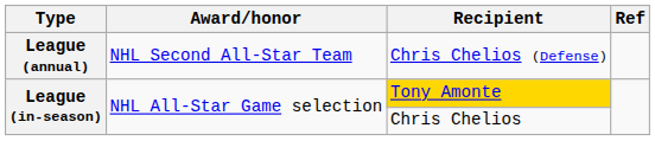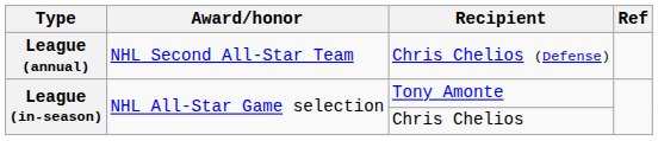 <table class="wikitable">
 <tr>
 <th scope="col">Type</th>
 <th scope="col">Award/honor</th>
 <th scope="col">Recipient</th>
 <th scope="col">Ref</th>
 </tr>
 <tr>
 <th scope="row">League<br><small>(annual)</small></th>
 <td><a href='#'>NHL Second All-Star Team</a></td>
 <td><a href='#'>Chris Chelios</a> <small>(<a href='#'>Defense</a>)</small></td>
 <td></td>
 </tr>
 <tr>
 <th scope="row" rowspan="2">League<br><small>(in-season)</small></th>
 <td rowspan="2"><a href='#'>NHL All-Star Game</a> selection</td>
-<td style="background: gold;"><a href='#'>Tony Amonte</a></td>
+<td><a href='#'>Tony Amonte</a></td>
 <td rowspan="2"></td>
 </tr>
 <tr>
 <td>Chris Chelios</td>
 </tr>
 </table>
